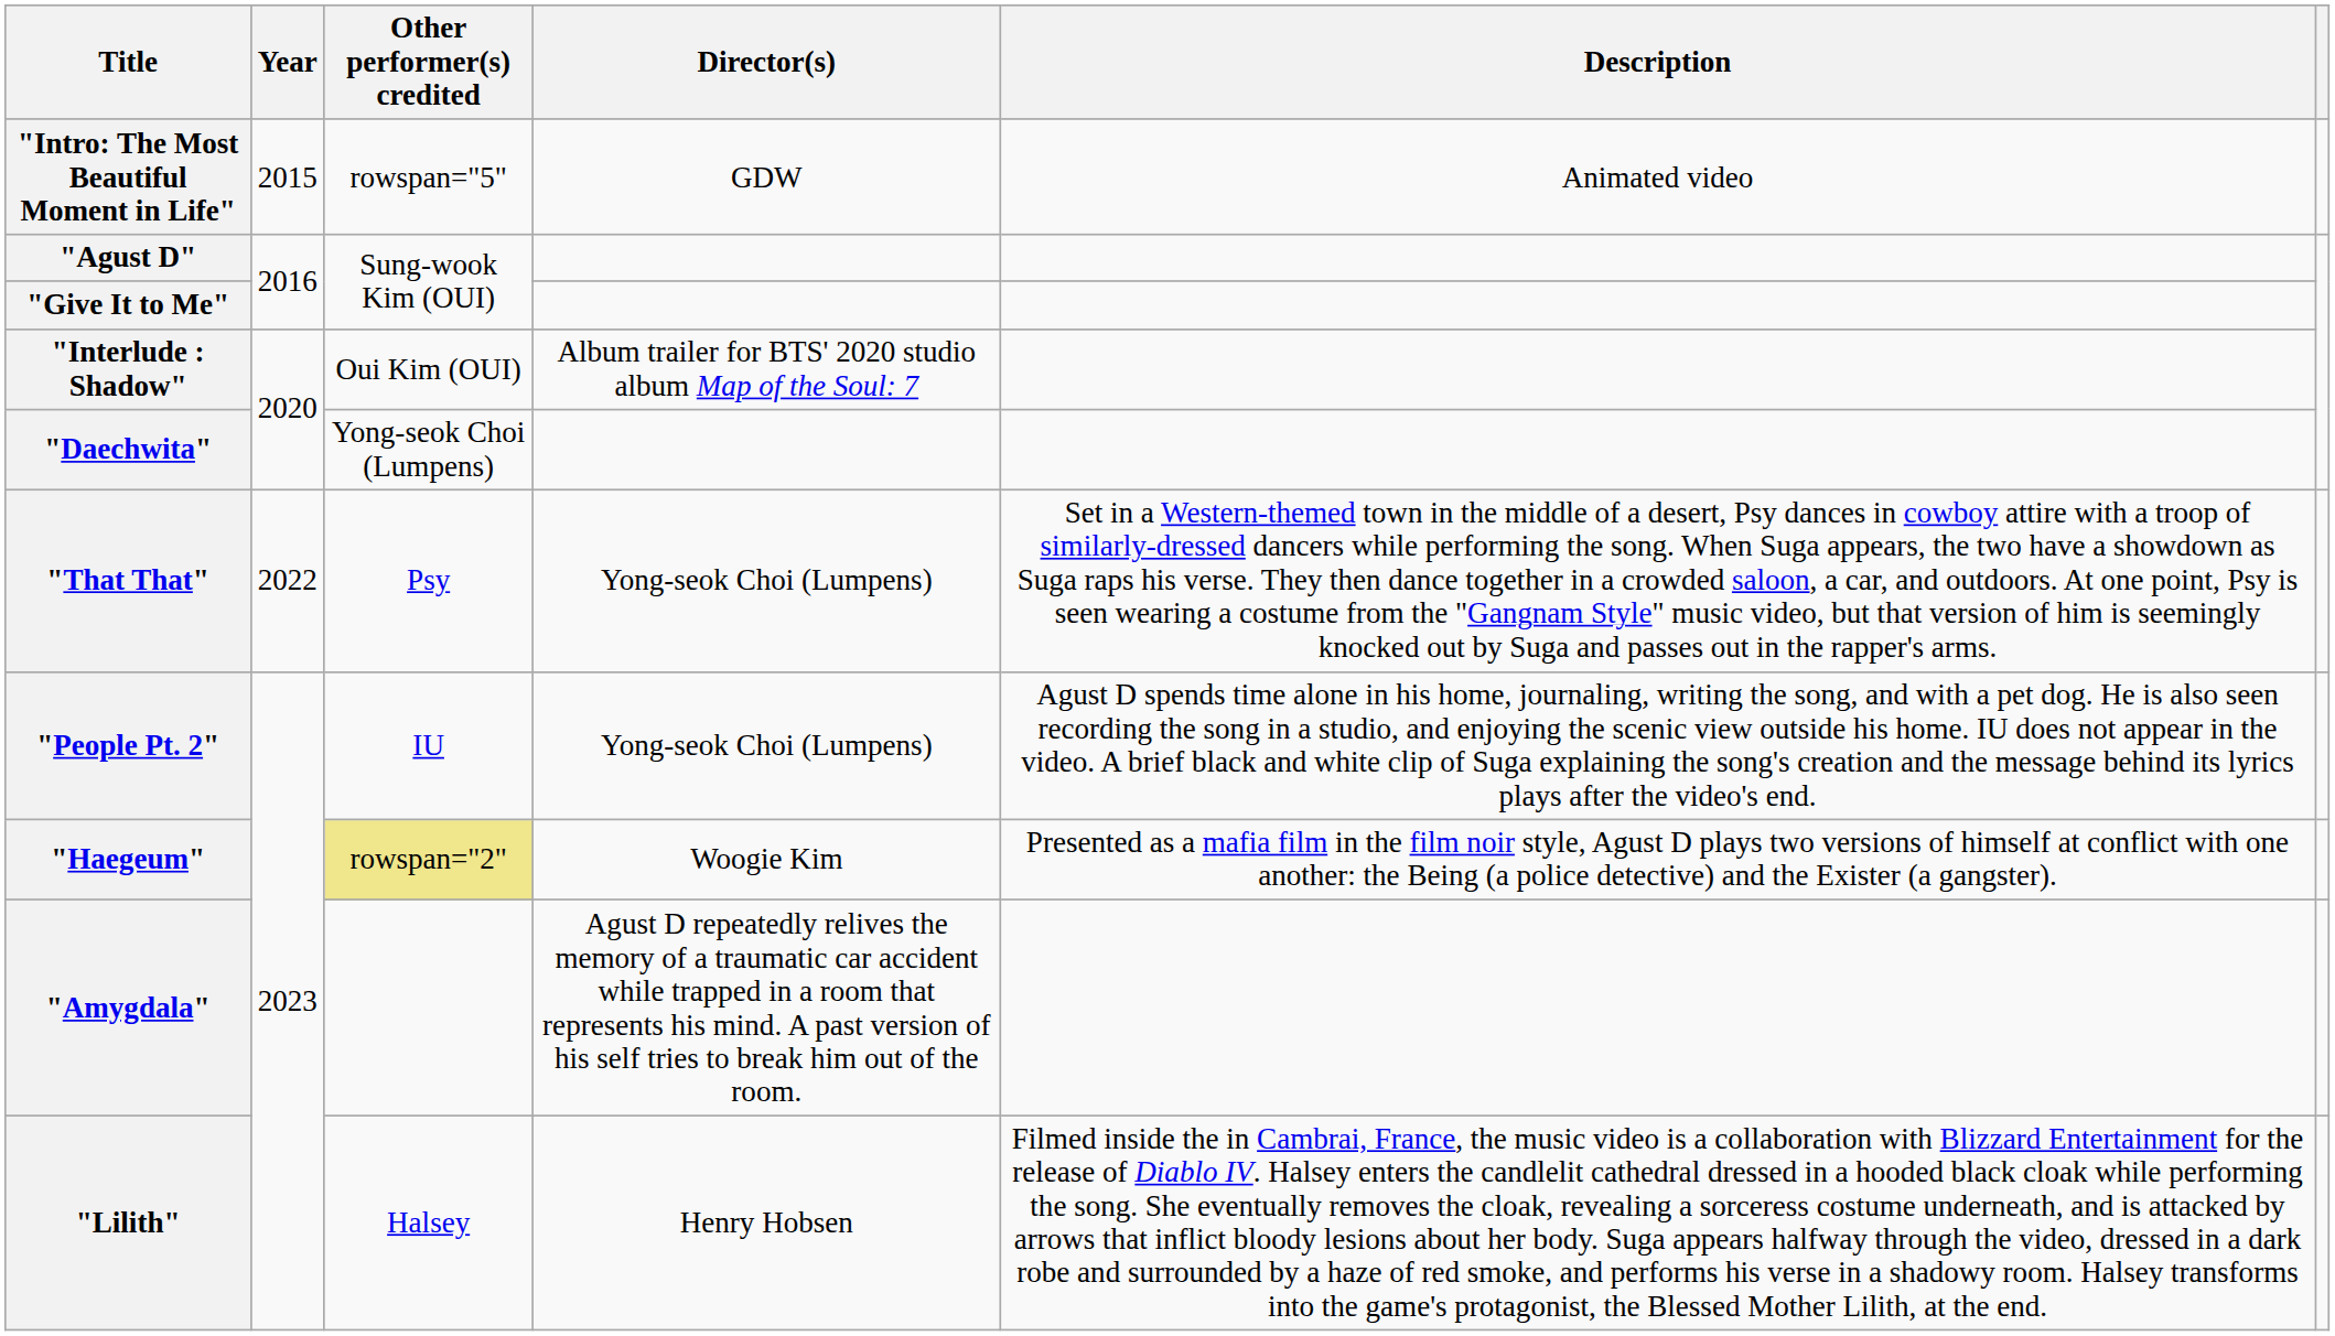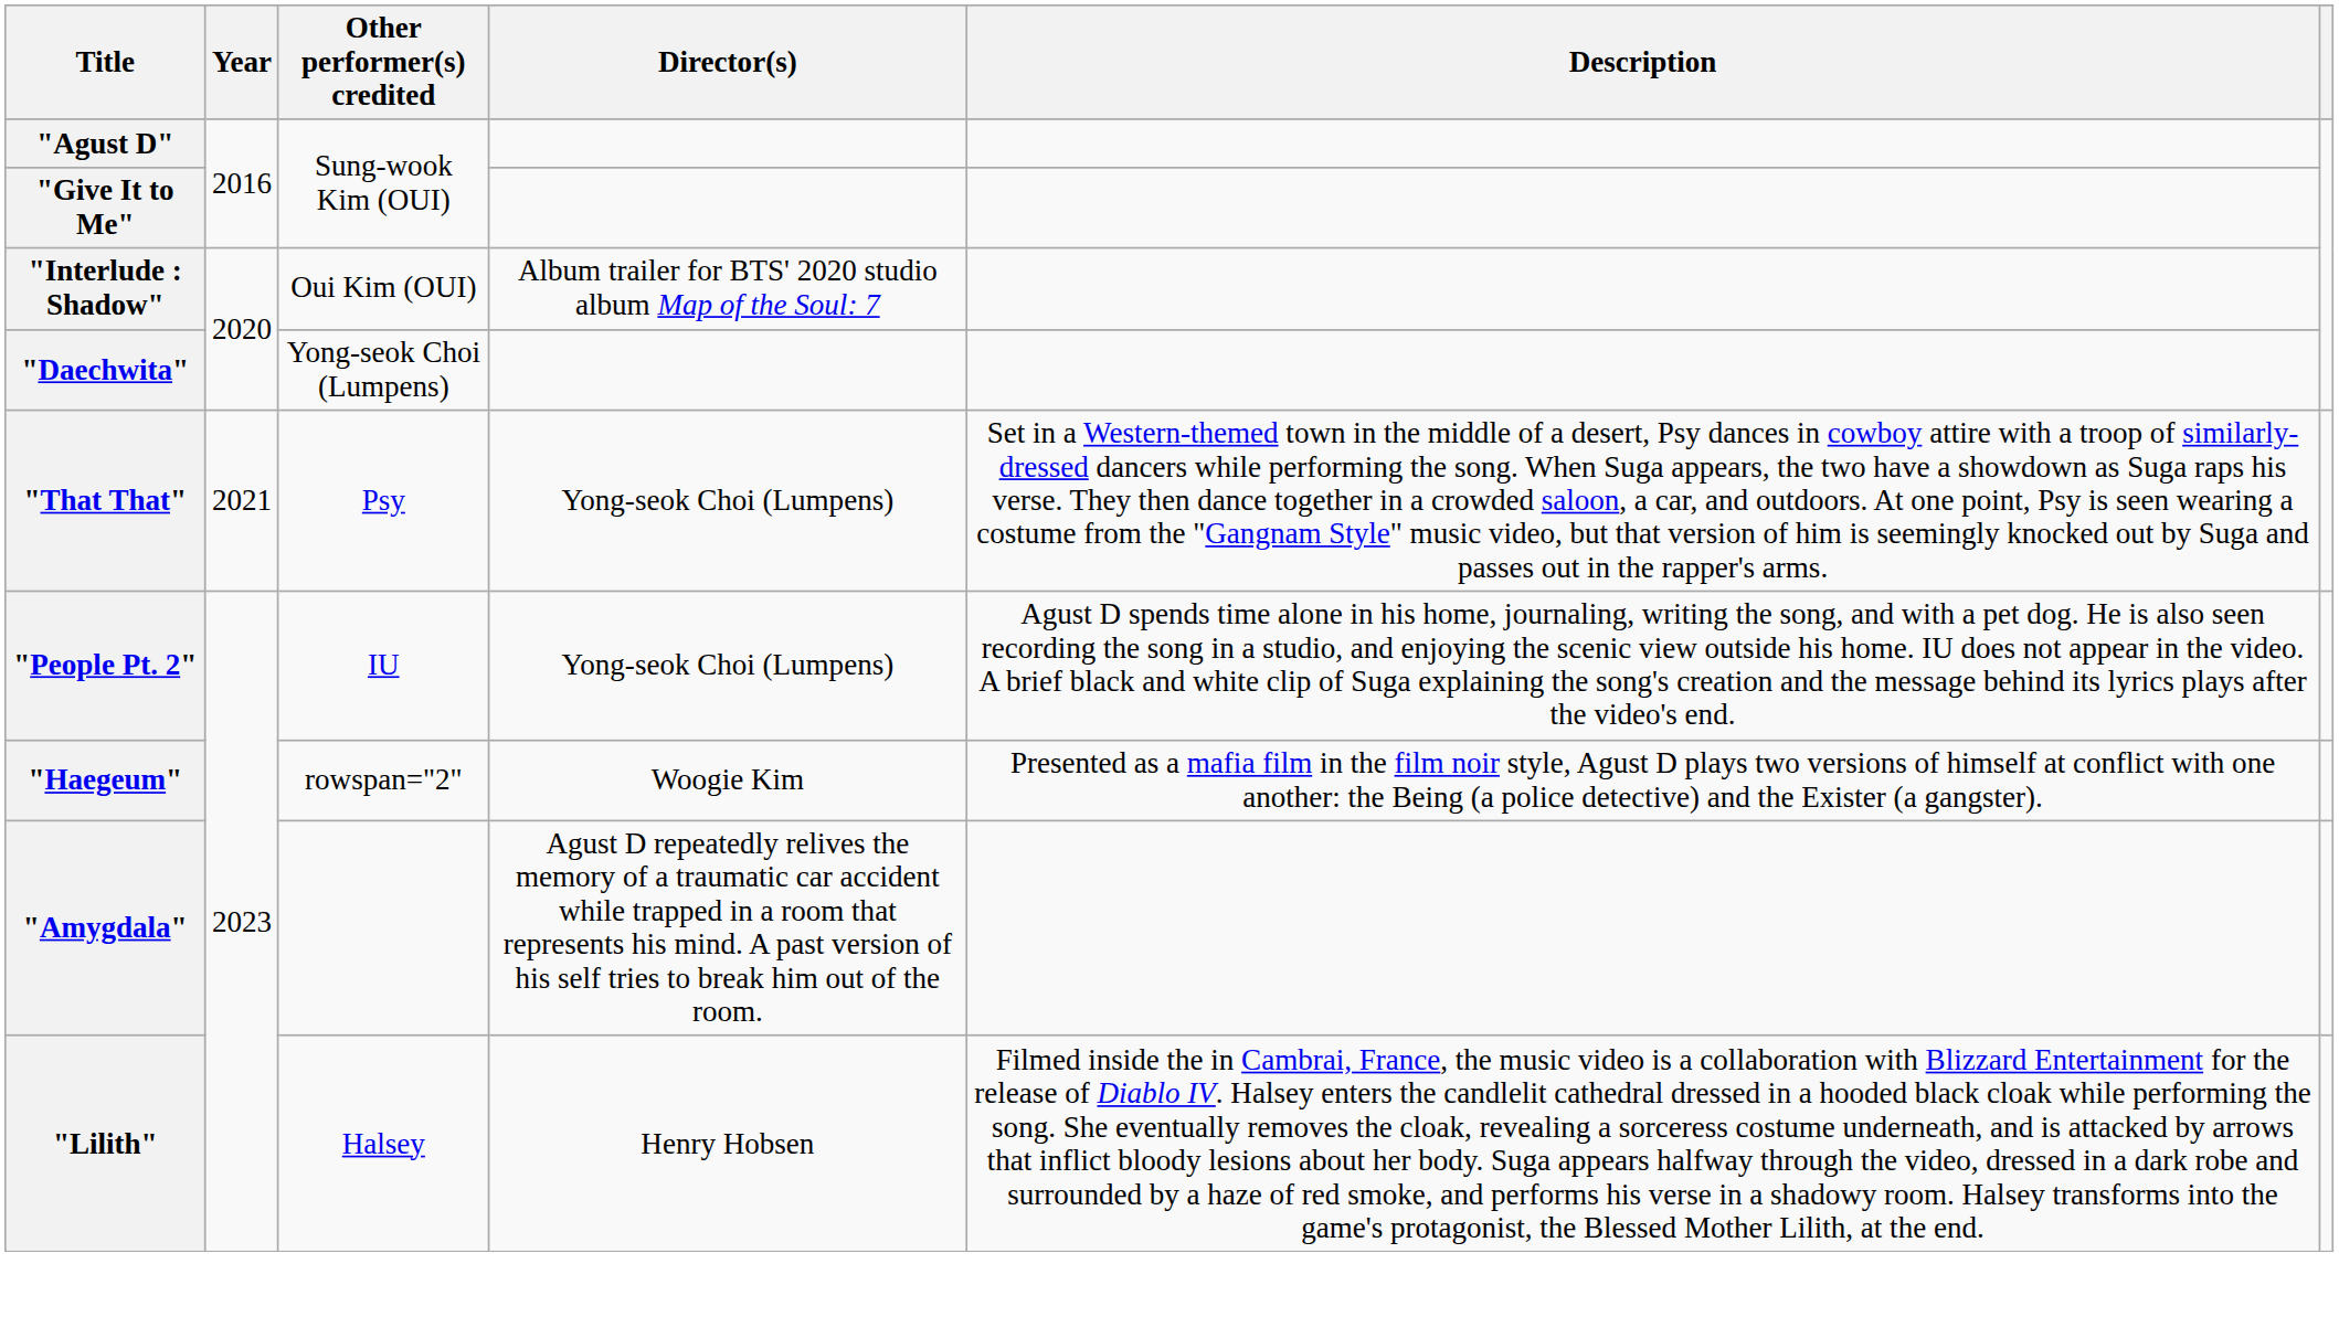 <table class="wikitable sortable plainrowheaders" style="text-align:center;">
 <tr>
 <th scope="col">Title</th>
 <th scope="col">Year</th>
 <th scope="col">Other performer(s) credited</th>
 <th scope="col">Director(s)</th>
 <th scope="col">Description</th>
 <th scope="col"></th>
-</tr>
-<tr>
-<th scope="row">"Intro: The Most Beautiful Moment in Life"</th>
-<td>2015</td>
-<td>rowspan="5" </td>
-<td>GDW</td>
-<td>Animated video</td>
-<td></td>
 </tr>
 <tr>
 <th scope="row">"Agust D"</th>
 <td rowspan="2">2016</td>
 <td rowspan="2">Sung-wook Kim (OUI)</td>
 <td></td>
 <td></td>
 </tr>
 <tr>
 <th scope="row">"Give It to Me"</th>
 <td></td>
 <td></td>
 </tr>
 <tr>
 <th scope="row">"Interlude : Shadow"</th>
 <td rowspan="2">2020</td>
 <td>Oui Kim (OUI)</td>
 <td>Album trailer for BTS' 2020 studio album <em><a href='#'>Map of the Soul: 7</a></em></td>
 <td></td>
 </tr>
 <tr>
 <th scope="row">"<a href='#'>Daechwita</a>"</th>
 <td>Yong-seok Choi (Lumpens)</td>
 <td></td>
 <td></td>
 </tr>
 <tr>
 <th scope="row">"<a href='#'>That That</a>"</th>
-<td>2022</td>
+<td>2021</td>
 <td><a href='#'>Psy</a></td>
 <td>Yong-seok Choi (Lumpens)</td>
 <td>Set in a <a href='#'>Western-themed</a> town in the middle of a desert, Psy dances in <a href='#'>cowboy</a> attire with a troop of <a href='#'>similarly-dressed</a> dancers while performing the song. When Suga appears, the two have a showdown as Suga raps his verse. They then dance together in a crowded <a href='#'>saloon</a>, a car, and outdoors. At one point, Psy is seen wearing a costume from the "<a href='#'>Gangnam Style</a>" music video, but that version of him is seemingly knocked out by Suga and passes out in the rapper's arms.</td>
 <td></td>
 </tr>
 <tr>
 <th scope="row">"<a href='#'>People Pt. 2</a>"</th>
 <td rowspan="4">2023</td>
 <td><a href='#'>IU</a></td>
 <td>Yong-seok Choi (Lumpens)</td>
 <td>Agust D spends time alone in his home, journaling, writing the song, and with a pet dog. He is also seen recording the song in a studio, and enjoying the scenic view outside his home. IU does not appear in the video. A brief black and white clip of Suga explaining the song's creation and the message behind its lyrics plays after the video's end.</td>
 <td></td>
 </tr>
 <tr>
 <th scope="row">"<a href='#'>Haegeum</a>"</th>
-<td style="background: khaki;">rowspan="2" </td>
+<td>rowspan="2" </td>
 <td>Woogie Kim</td>
 <td>Presented as a <a href='#'>mafia film</a> in the <a href='#'>film noir</a> style, Agust D plays two versions of himself at conflict with one another: the Being (a police detective) and the Exister (a gangster).</td>
 <td></td>
 </tr>
 <tr>
 <th scope="row">"<a href='#'>Amygdala</a>"</th>
 <td></td>
 <td>Agust D repeatedly relives the memory of a traumatic car accident while trapped in a room that represents his mind. A past version of his self tries to break him out of the room.</td>
 <td></td>
 </tr>
 <tr>
 <th scope="row">"Lilith"</th>
 <td><a href='#'>Halsey</a></td>
 <td>Henry Hobsen</td>
 <td>Filmed inside the  in <a href='#'>Cambrai, France</a>, the music video is a collaboration with <a href='#'>Blizzard Entertainment</a> for the release of <em><a href='#'>Diablo IV</a></em>. Halsey enters the candlelit cathedral dressed in a hooded black cloak while performing the song. She eventually removes the cloak, revealing a sorceress costume underneath, and is attacked by arrows that inflict bloody lesions about her body. Suga appears halfway through the video, dressed in a dark robe and surrounded by a haze of red smoke, and performs his verse in a shadowy room. Halsey transforms into the game's protagonist, the Blessed Mother Lilith, at the end.</td>
 <td></td>
 </tr>
 </table>
